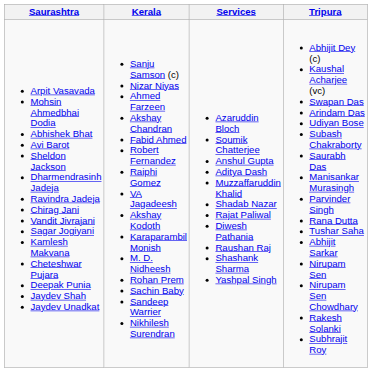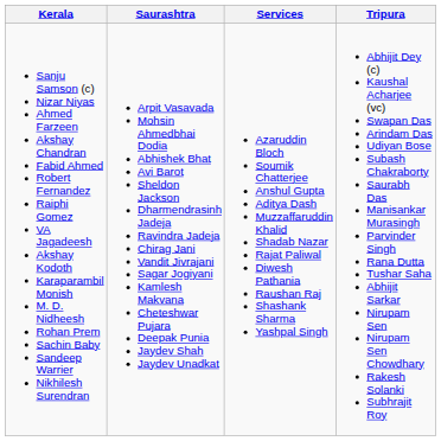 <table class="wikitable">
 <tr>
+<th style="width: 100pt;"><a href='#'>Kerala</a></th>
 <th style="width: 100pt;"><a href='#'>Saurashtra</a></th>
-<th style="width: 100pt;"><a href='#'>Kerala</a></th>
 <th style="width: 100pt;"><a href='#'>Services</a></th>
 <th style="width: 100pt;"><a href='#'>Tripura</a></th>
 </tr>
 <tr>
+<td><br><ul><li><a href='#'>Sanju Samson</a> (c)</li><li><a href='#'>Nizar Niyas</a></li><li><a href='#'>Ahmed Farzeen</a></li><li><a href='#'>Akshay Chandran</a></li><li><a href='#'>Fabid Ahmed</a></li><li><a href='#'>Robert Fernandez</a></li><li><a href='#'>Raiphi Gomez</a></li><li><a href='#'>VA Jagadeesh</a></li><li><a href='#'>Akshay Kodoth</a></li><li><a href='#'>Karaparambil Monish</a></li><li><a href='#'>M. D. Nidheesh</a></li><li><a href='#'>Rohan Prem</a></li><li><a href='#'>Sachin Baby</a></li><li><a href='#'>Sandeep Warrier</a></li><li><a href='#'>Nikhilesh Surendran</a></li></ul></td>
 <td><br><ul><li><a href='#'>Arpit Vasavada</a></li><li><a href='#'>Mohsin Ahmedbhai Dodia</a></li><li><a href='#'>Abhishek Bhat</a></li><li><a href='#'>Avi Barot</a></li><li><a href='#'>Sheldon Jackson</a></li><li><a href='#'>Dharmendrasinh Jadeja</a></li><li><a href='#'>Ravindra Jadeja</a></li><li><a href='#'>Chirag Jani</a></li><li><a href='#'>Vandit Jivrajani</a></li><li><a href='#'>Sagar Jogiyani</a></li><li><a href='#'>Kamlesh Makvana</a></li><li><a href='#'>Cheteshwar Pujara</a></li><li><a href='#'>Deepak Punia</a></li><li><a href='#'>Jaydev Shah</a></li><li><a href='#'>Jaydev Unadkat</a></li></ul></td>
-<td><br><ul><li><a href='#'>Sanju Samson</a> (c)</li><li><a href='#'>Nizar Niyas</a></li><li><a href='#'>Ahmed Farzeen</a></li><li><a href='#'>Akshay Chandran</a></li><li><a href='#'>Fabid Ahmed</a></li><li><a href='#'>Robert Fernandez</a></li><li><a href='#'>Raiphi Gomez</a></li><li><a href='#'>VA Jagadeesh</a></li><li><a href='#'>Akshay Kodoth</a></li><li><a href='#'>Karaparambil Monish</a></li><li><a href='#'>M. D. Nidheesh</a></li><li><a href='#'>Rohan Prem</a></li><li><a href='#'>Sachin Baby</a></li><li><a href='#'>Sandeep Warrier</a></li><li><a href='#'>Nikhilesh Surendran</a></li></ul></td>
 <td><br><ul><li><a href='#'>Azaruddin Bloch</a></li><li><a href='#'>Soumik Chatterjee</a></li><li><a href='#'>Anshul Gupta</a></li><li><a href='#'>Aditya Dash</a></li><li><a href='#'>Muzzaffaruddin Khalid</a></li><li><a href='#'>Shadab Nazar</a></li><li><a href='#'>Rajat Paliwal</a></li><li><a href='#'>Diwesh Pathania</a></li><li><a href='#'>Raushan Raj</a></li><li><a href='#'>Shashank Sharma</a></li><li><a href='#'>Yashpal Singh</a></li></ul></td>
 <td><br><ul><li><a href='#'>Abhijit Dey</a> (c)</li><li><a href='#'>Kaushal Acharjee</a> (vc)</li><li><a href='#'>Swapan Das</a></li><li><a href='#'>Arindam Das</a></li><li><a href='#'>Udiyan Bose</a></li><li><a href='#'>Subash Chakraborty</a></li><li><a href='#'>Saurabh Das</a></li><li><a href='#'>Manisankar Murasingh</a></li><li><a href='#'>Parvinder Singh</a></li><li><a href='#'>Rana Dutta</a></li><li><a href='#'>Tushar Saha</a></li><li><a href='#'>Abhijit Sarkar</a></li><li><a href='#'>Nirupam Sen</a></li><li><a href='#'>Nirupam Sen Chowdhary</a></li><li><a href='#'>Rakesh Solanki</a></li><li><a href='#'>Subhrajit Roy</a></li></ul></td>
 </tr>
 </table>
